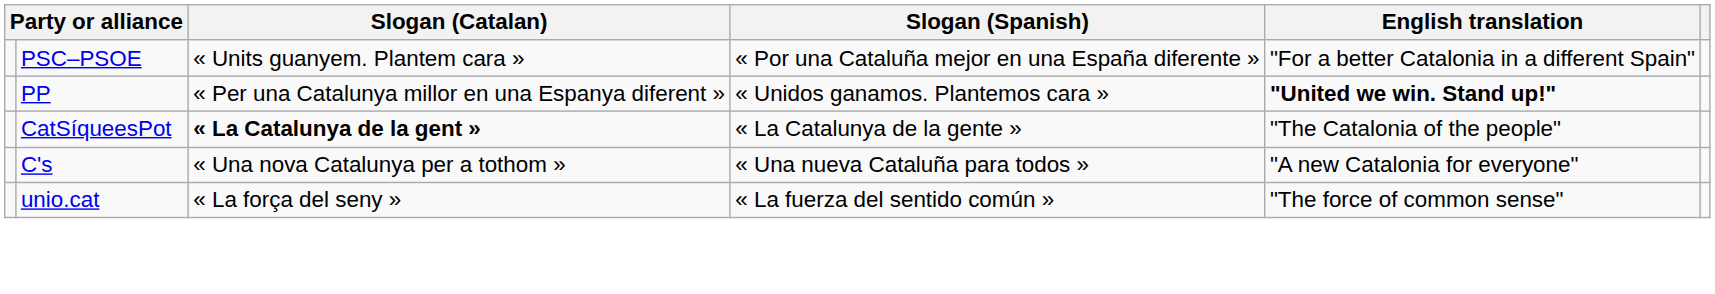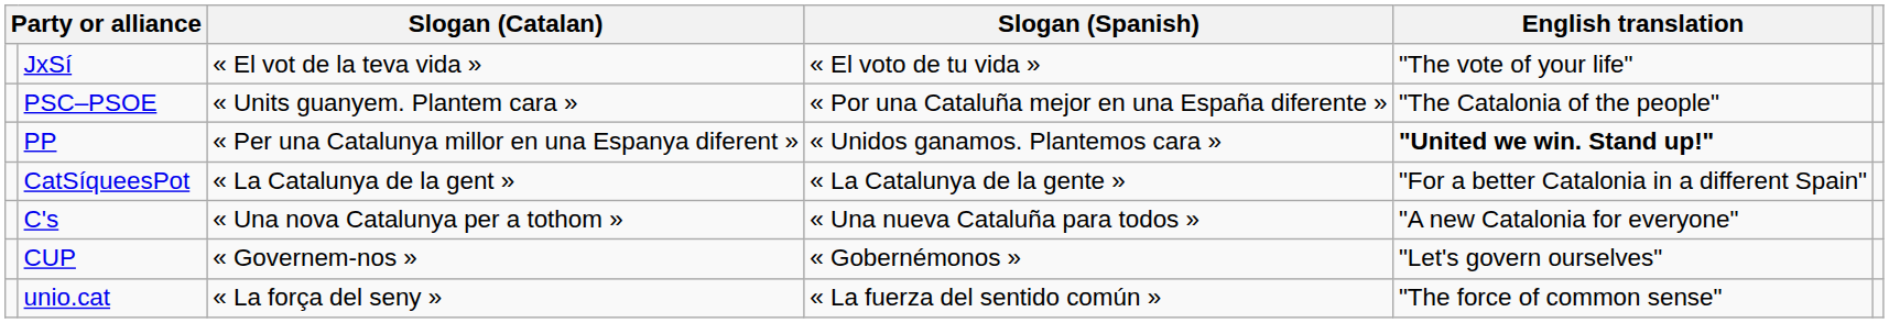 <table class="wikitable" style="text-align:left;">
 <tr>
 <th style="text-align:left;" colspan="2">Party or alliance</th>
 <th>Slogan (Catalan)</th>
 <th>Slogan (Spanish)</th>
 <th>English translation</th>
 <th></th>
 </tr>
 <tr>
+<td width="1" style="color:inherit;background:"></td>
+<td><a href='#'>JxSí</a></td>
+<td>« El vot de la teva vida »</td>
+<td>« El voto de tu vida »</td>
+<td>"The vote of your life"</td>
+<td></td>
+</tr>
+<tr>
 <td style="color:inherit;background:"></td>
 <td><a href='#'>PSC–PSOE</a></td>
 <td>« Units guanyem. Plantem cara »</td>
 <td>« Por una Cataluña mejor en una España diferente »</td>
-<td>"For a better Catalonia in a different Spain"</td>
+<td>"The Catalonia of the people"</td>
 <td></td>
 </tr>
 <tr>
 <td style="color:inherit;background:"></td>
 <td><a href='#'>PP</a></td>
 <td>« Per una Catalunya millor en una Espanya diferent »</td>
 <td>« Unidos ganamos. Plantemos cara »</td>
 <td><strong>"United we win. Stand up!"</strong></td>
 <td></td>
 </tr>
 <tr>
 <td style="color:inherit;background:"></td>
 <td><a href='#'>CatSíqueesPot</a></td>
-<td><strong>« La Catalunya de la gent »</strong></td>
+<td>« La Catalunya de la gent »</td>
 <td>« La Catalunya de la gente »</td>
-<td>"The Catalonia of the people"</td>
+<td>"For a better Catalonia in a different Spain"</td>
 <td></td>
 </tr>
 <tr>
 <td style="color:inherit;background:"></td>
 <td><a href='#'>C's</a></td>
 <td>« Una nova Catalunya per a tothom »</td>
 <td>« Una nueva Cataluña para todos »</td>
 <td>"A new Catalonia for everyone"</td>
 <td></td>
 </tr>
 <tr>
 <td style="color:inherit;background:"></td>
+<td><a href='#'>CUP</a></td>
+<td>« Governem-nos »</td>
+<td>« Gobernémonos »</td>
+<td>"Let's govern ourselves"</td>
+<td></td>
+</tr>
+<tr>
+<td style="color:inherit;background:"></td>
 <td><a href='#'>unio.cat</a></td>
 <td>« La força del seny »</td>
 <td>« La fuerza del sentido común »</td>
 <td>"The force of common sense"</td>
 <td></td>
 </tr>
 </table>
